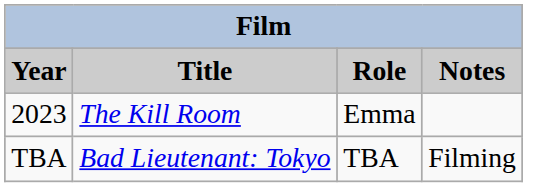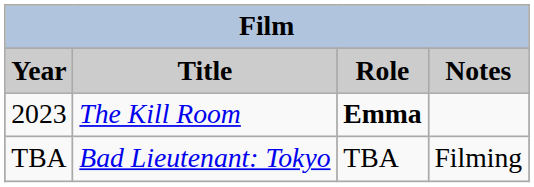 <table class="wikitable">
 <tr>
 <th colspan=4 style="background:#B0C4DE;">Film</th>
 </tr>
 <tr>
 <th style="background: #CCCCCC;">Year</th>
 <th style="background: #CCCCCC;">Title</th>
 <th style="background: #CCCCCC;">Role</th>
 <th style="background: #CCCCCC;">Notes</th>
 </tr>
 <tr>
 <td>2023</td>
 <td><em><a href='#'>The Kill Room</a></em></td>
-<td>Emma</td>
+<td><strong>Emma</strong></td>
 <td></td>
 </tr>
 <tr>
 <td>TBA</td>
 <td><a href='#'><em>Bad Lieutenant: Tokyo</em></a></td>
 <td>TBA</td>
 <td>Filming</td>
 </tr>
 </table>
